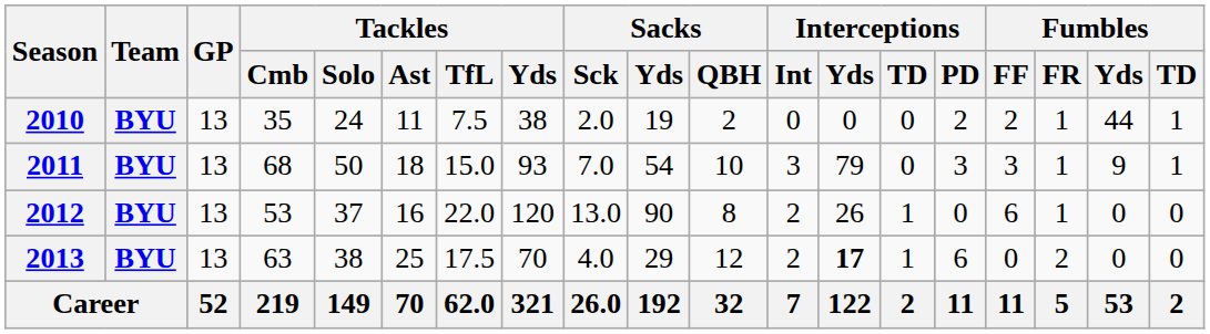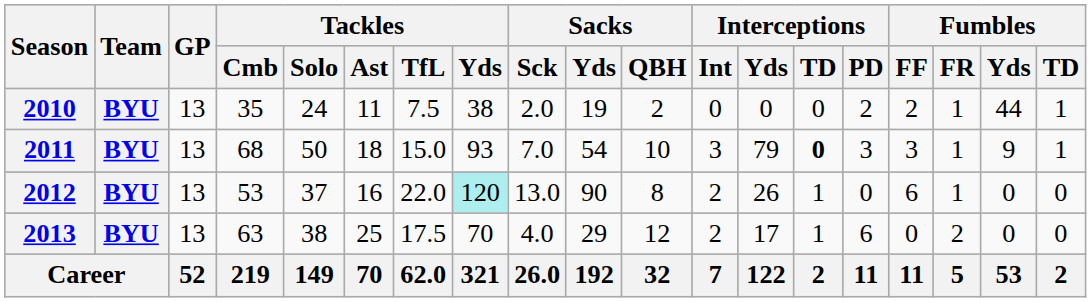 <table class="wikitable" style="text-align:center;">
 <tr>
 <th rowspan="2">Season</th>
 <th rowspan="2">Team</th>
 <th rowspan="2">GP</th>
 <th colspan="5">Tackles</th>
 <th colspan="3">Sacks</th>
 <th colspan="4">Interceptions</th>
 <th colspan="4">Fumbles</th>
 </tr>
 <tr>
 <th>Cmb</th>
 <th>Solo</th>
 <th>Ast</th>
 <th>TfL</th>
 <th>Yds</th>
 <th>Sck</th>
 <th>Yds</th>
 <th>QBH</th>
 <th>Int</th>
 <th>Yds</th>
 <th>TD</th>
 <th>PD</th>
 <th>FF</th>
 <th>FR</th>
 <th>Yds</th>
 <th>TD</th>
 </tr>
 <tr>
 <th><a href='#'>2010</a></th>
 <th><a href='#'>BYU</a></th>
 <td>13</td>
 <td>35</td>
 <td>24</td>
 <td>11</td>
 <td>7.5</td>
 <td>38</td>
 <td>2.0</td>
 <td>19</td>
 <td>2</td>
 <td>0</td>
 <td>0</td>
 <td>0</td>
 <td>2</td>
 <td>2</td>
 <td>1</td>
 <td>44</td>
 <td>1</td>
 </tr>
 <tr>
 <th><a href='#'>2011</a></th>
 <th><a href='#'>BYU</a></th>
 <td>13</td>
 <td>68</td>
 <td>50</td>
 <td>18</td>
 <td>15.0</td>
 <td>93</td>
 <td>7.0</td>
 <td>54</td>
 <td>10</td>
 <td>3</td>
 <td>79</td>
-<td>0</td>
+<td><strong>0</strong></td>
 <td>3</td>
 <td>3</td>
 <td>1</td>
 <td>9</td>
 <td>1</td>
 </tr>
 <tr>
 <th><a href='#'>2012</a></th>
 <th><a href='#'>BYU</a></th>
 <td>13</td>
 <td>53</td>
 <td>37</td>
 <td>16</td>
 <td>22.0</td>
-<td>120</td>
+<td style="background: paleturquoise;">120</td>
 <td>13.0</td>
 <td>90</td>
 <td>8</td>
 <td>2</td>
 <td>26</td>
 <td>1</td>
 <td>0</td>
 <td>6</td>
 <td>1</td>
 <td>0</td>
 <td>0</td>
 </tr>
 <tr>
 <th><a href='#'>2013</a></th>
 <th><a href='#'>BYU</a></th>
 <td>13</td>
 <td>63</td>
 <td>38</td>
 <td>25</td>
 <td>17.5</td>
 <td>70</td>
 <td>4.0</td>
 <td>29</td>
 <td>12</td>
 <td>2</td>
-<td><strong>17</strong></td>
+<td>17</td>
 <td>1</td>
 <td>6</td>
 <td>0</td>
 <td>2</td>
 <td>0</td>
 <td>0</td>
 </tr>
 <tr>
 <th colspan="2">Career</th>
 <th>52</th>
 <th>219</th>
 <th>149</th>
 <th>70</th>
 <th>62.0</th>
 <th>321</th>
 <th>26.0</th>
 <th>192</th>
 <th>32</th>
 <th>7</th>
 <th>122</th>
 <th>2</th>
 <th>11</th>
 <th>11</th>
 <th>5</th>
 <th>53</th>
 <th>2</th>
 </tr>
 </table>
